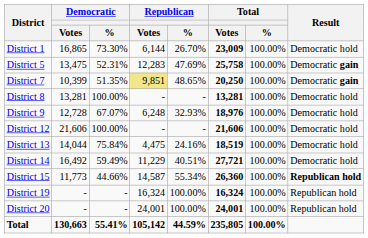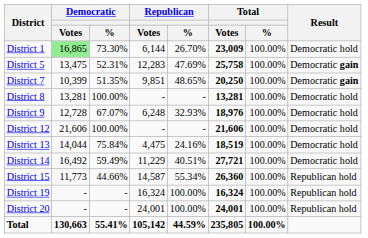 <table class="wikitable plainrowheaders sortable" style="font-size:100%; text-align:right;">
 <tr>
 <th scope=col rowspan=3>District</th>
 <th scope=col colspan=2><a href='#'>Democratic</a></th>
 <th scope=col colspan=2><a href='#'>Republican</a></th>
 <th scope=col colspan=2>Total</th>
 <th scope=col rowspan=3>Result</th>
 </tr>
 <tr>
 <th scope=col colspan=2 style="background:"></th>
 <th scope=col colspan=2 style="background:"></th>
 <th scope=col colspan=2></th>
 </tr>
 <tr>
 <th scope=col data-sort-type="number">Votes</th>
 <th scope=col data-sort-type="number">%</th>
 <th scope=col data-sort-type="number">Votes</th>
 <th scope=col data-sort-type="number">%</th>
 <th scope=col data-sort-type="number">Votes</th>
 <th scope=col data-sort-type="number">%</th>
 </tr>
 <tr>
 <td align=left><a href='#'>District 1</a></td>
-<td>16,865</td>
+<td style="background: lightgreen;">16,865</td>
 <td>73.30%</td>
 <td>6,144</td>
 <td>26.70%</td>
 <td><strong>23,009</strong></td>
 <td>100.00%</td>
 <td align="left">Democratic hold</td>
 </tr>
 <tr>
 <td align=left><a href='#'>District 5</a></td>
 <td>13,475</td>
 <td>52.31%</td>
 <td>12,283</td>
 <td>47.69%</td>
 <td><strong>25,758</strong></td>
 <td>100.00%</td>
 <td align="left">Democratic <strong>gain</strong></td>
 </tr>
 <tr>
 <td align=left><a href='#'>District 7</a></td>
 <td>10,399</td>
 <td>51.35%</td>
-<td style="background: khaki;">9,851</td>
+<td>9,851</td>
 <td>48.65%</td>
 <td><strong>20,250</strong></td>
 <td>100.00%</td>
 <td align="left">Democratic <strong>gain</strong></td>
 </tr>
 <tr>
 <td align=left><a href='#'>District 8</a></td>
 <td>13,281</td>
 <td>100.00%</td>
 <td>-</td>
 <td>-</td>
 <td><strong>13,281</strong></td>
 <td>100.00%</td>
 <td align="left">Democratic hold</td>
 </tr>
 <tr>
 <td align=left><a href='#'>District 9</a></td>
 <td>12,728</td>
 <td>67.07%</td>
 <td>6,248</td>
 <td>32.93%</td>
 <td><strong>18,976</strong></td>
 <td>100.00%</td>
 <td align="left">Democratic hold</td>
 </tr>
 <tr>
 <td align=left><a href='#'>District 12</a></td>
 <td>21,606</td>
 <td>100.00%</td>
 <td>-</td>
 <td>-</td>
 <td><strong>21,606</strong></td>
 <td>100.00%</td>
 <td align="left">Democratic hold</td>
 </tr>
 <tr>
 <td align=left><a href='#'>District 13</a></td>
 <td>14,044</td>
 <td>75.84%</td>
 <td>4,475</td>
 <td>24.16%</td>
 <td><strong>18,519</strong></td>
 <td>100.00%</td>
 <td align="left">Democratic hold</td>
 </tr>
 <tr>
 <td align=left><a href='#'>District 14</a></td>
 <td>16,492</td>
 <td>59.49%</td>
 <td>11,229</td>
 <td>40.51%</td>
 <td><strong>27,721</strong></td>
 <td>100.00%</td>
 <td align="left">Democratic hold</td>
 </tr>
 <tr>
 <td align=left><a href='#'>District 15</a></td>
 <td>11,773</td>
 <td>44.66%</td>
 <td>14,587</td>
 <td>55.34%</td>
 <td><strong>26,360</strong></td>
 <td>100.00%</td>
-<td align="left"><strong>Republican hold</strong></td>
+<td align="left">Republican hold</td>
 </tr>
 <tr>
 <td align=left><a href='#'>District 19</a></td>
 <td>-</td>
 <td>-</td>
 <td>16,324</td>
 <td>100.00%</td>
 <td><strong>16,324</strong></td>
 <td>100.00%</td>
 <td align="left">Republican hold</td>
 </tr>
 <tr>
 <td align=left><a href='#'>District 20</a></td>
 <td>-</td>
 <td>-</td>
 <td>24,001</td>
 <td>100.00%</td>
 <td><strong>24,001</strong></td>
 <td>100.00%</td>
 <td align="left">Republican hold</td>
 </tr>
 <tr class="sortbottom" style="font-weight:bold">
 <td align=left>Total</td>
 <td>130,663</td>
 <td>55.41%</td>
 <td>105,142</td>
 <td>44.59%</td>
 <td>235,805</td>
 <td>100.00%</td>
 <td></td>
 </tr>
 </table>
